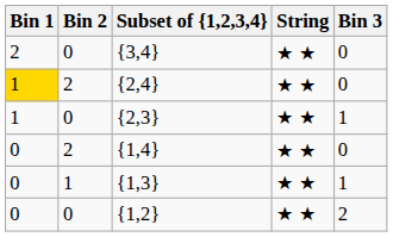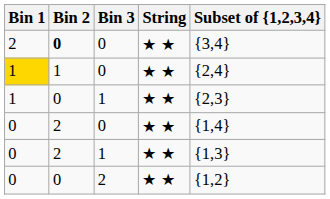 <table class="wikitable">
 <tr>
 <th>Bin 1</th>
 <th>Bin 2</th>
+<th>Bin 3</th>
+<th>String</th>
 <th>Subset of {1,2,3,4}</th>
-<th>String</th>
-<th>Bin 3</th>
 </tr>
 <tr>
 <td>2</td>
+<td><strong>0</strong></td>
 <td>0</td>
+<td>★ ★  </td>
 <td>{3,4}</td>
-<td>★ ★  </td>
-<td>0</td>
 </tr>
 <tr>
 <td style="background: gold;">1</td>
-<td>2</td>
+<td>1</td>
+<td>0</td>
+<td>★  ★ </td>
 <td>{2,4}</td>
-<td>★  ★ </td>
-<td>0</td>
 </tr>
 <tr>
 <td>1</td>
 <td>0</td>
+<td>1</td>
+<td>★    ★</td>
 <td>{2,3}</td>
-<td>★    ★</td>
-<td>1</td>
 </tr>
 <tr>
 <td>0</td>
 <td>2</td>
+<td>0</td>
+<td> ★ ★ </td>
 <td>{1,4}</td>
-<td> ★ ★ </td>
-<td>0</td>
 </tr>
 <tr>
 <td>0</td>
+<td>2</td>
 <td>1</td>
+<td> ★  ★</td>
 <td>{1,3}</td>
-<td> ★  ★</td>
-<td>1</td>
 </tr>
 <tr>
 <td>0</td>
 <td>0</td>
+<td>2</td>
+<td>  ★ ★</td>
 <td>{1,2}</td>
-<td>  ★ ★</td>
-<td>2</td>
 </tr>
 </table>
